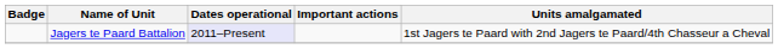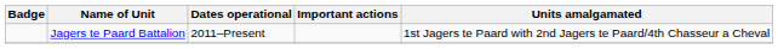 <table class="wikitable">
 <tr>
 <th>Badge</th>
 <th>Name of Unit</th>
 <th>Dates operational</th>
 <th>Important actions</th>
 <th>Units amalgamated</th>
 </tr>
 <tr>
 <td></td>
 <td><a href='#'>Jagers te Paard Battalion</a></td>
-<td style="background: lavender;">2011–Present</td>
+<td>2011–Present</td>
 <td></td>
 <td>1st Jagers te Paard with 2nd Jagers te Paard/4th Chasseur a Cheval</td>
 </tr>
 <tr>
 </tr>
 </table>
